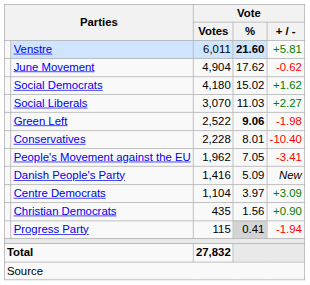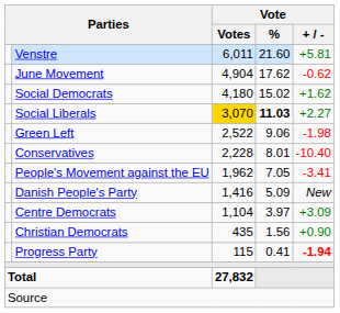 <table class="wikitable" style="text-align:right;">
 <tr>
 <th style="text-align:centre;" rowspan="2" colspan="2" width="225">Parties</th>
 <th colspan="3">Vote</th>
 </tr>
 <tr>
 <th width="15">Votes</th>
 <th width="15">%</th>
 <th width="15">+ / -</th>
 </tr>
 <tr>
 <td width="2" style="color:inherit;background:"></td>
 <td bgcolor=#cfe5fe   align="left"><a href='#'>Venstre</a></td>
 <td bgcolor=#cfe5fe>6,011</td>
-<td bgcolor=#cfe5fe><strong>21.60</strong></td>
+<td bgcolor=#cfe5fe>21.60</td>
 <td style=color:green;>+5.81</td>
 </tr>
 <tr>
 <td width="2" style="color:inherit;background:"></td>
 <td align="left"><a href='#'>June Movement</a></td>
 <td>4,904</td>
 <td>17.62</td>
 <td style=color:red;>-0.62</td>
 </tr>
 <tr>
 <td width="2" style="color:inherit;background:"></td>
 <td align="left"><a href='#'>Social Democrats</a></td>
 <td>4,180</td>
 <td>15.02</td>
 <td style=color:green;>+1.62</td>
 </tr>
 <tr>
 <td width="2" style="color:inherit;background:"></td>
 <td align="left"><a href='#'>Social Liberals</a></td>
-<td>3,070</td>
-<td>11.03</td>
+<td style="background: gold;">3,070</td>
+<td><strong>11.03</strong></td>
 <td style=color:green;>+2.27</td>
 </tr>
 <tr>
 <td width="2" style="color:inherit;background:"></td>
 <td align="left"><a href='#'>Green Left</a></td>
 <td>2,522</td>
-<td><strong>9.06</strong></td>
+<td>9.06</td>
 <td style=color:red;>-1.98</td>
 </tr>
 <tr>
 <td width="2" style="color:inherit;background:"></td>
 <td align="left"><a href='#'>Conservatives</a></td>
 <td>2,228</td>
 <td>8.01</td>
 <td style=color:red;>-10.40</td>
 </tr>
 <tr>
 <td width="2" style="color:inherit;background:"></td>
 <td align="left"><a href='#'>People's Movement against the EU</a></td>
 <td>1,962</td>
 <td>7.05</td>
 <td style=color:red;>-3.41</td>
 </tr>
 <tr>
 <td width="2" style="color:inherit;background:"></td>
 <td align="left"><a href='#'>Danish People's Party</a></td>
 <td>1,416</td>
 <td>5.09</td>
 <td><em>New</em></td>
 </tr>
 <tr>
 <td width="2" style="color:inherit;background:"></td>
 <td align="left"><a href='#'>Centre Democrats</a></td>
 <td>1,104</td>
 <td>3.97</td>
 <td style=color:green;>+3.09</td>
 </tr>
 <tr>
 <td width="2" style="color:inherit;background:"></td>
 <td align="left"><a href='#'>Christian Democrats</a></td>
 <td>435</td>
 <td>1.56</td>
 <td style=color:green;>+0.90</td>
 </tr>
 <tr>
 <td width="2" style="color:inherit;background:"></td>
 <td align="left"><a href='#'>Progress Party</a></td>
 <td>115</td>
-<td style="background: lightgrey;">0.41</td>
-<td style=color:red;>-1.94</td>
+<td>0.41</td>
+<td style=color:red;><strong>-1.94</strong></td>
 </tr>
 <tr>
 <td colspan="7" bgcolor="#E9E9E9"></td>
 </tr>
 <tr>
 <td align="left" colspan="2"><strong>Total</strong></td>
 <td><strong>27,832</strong></td>
 <td bgcolor="#E9E9E9" colspan="2"></td>
 </tr>
 <tr>
 <td align="left" colspan="6">Source</td>
 </tr>
 </table>
